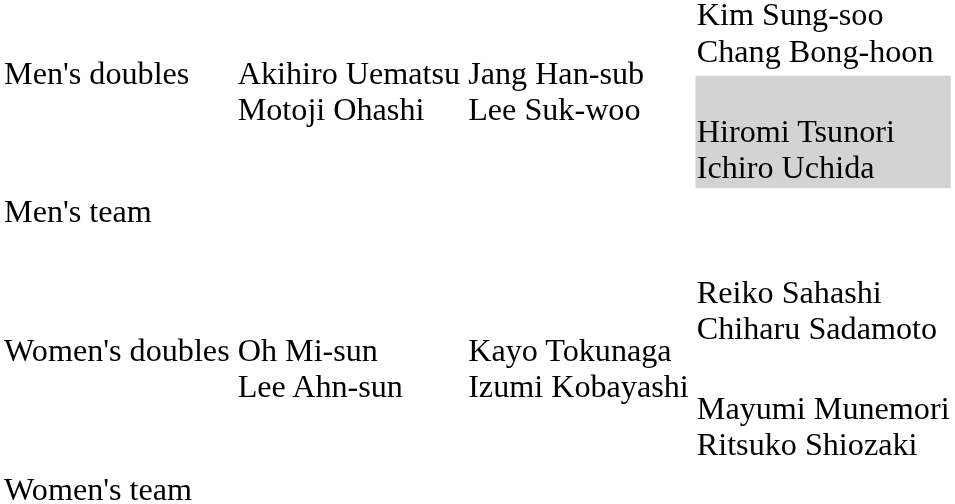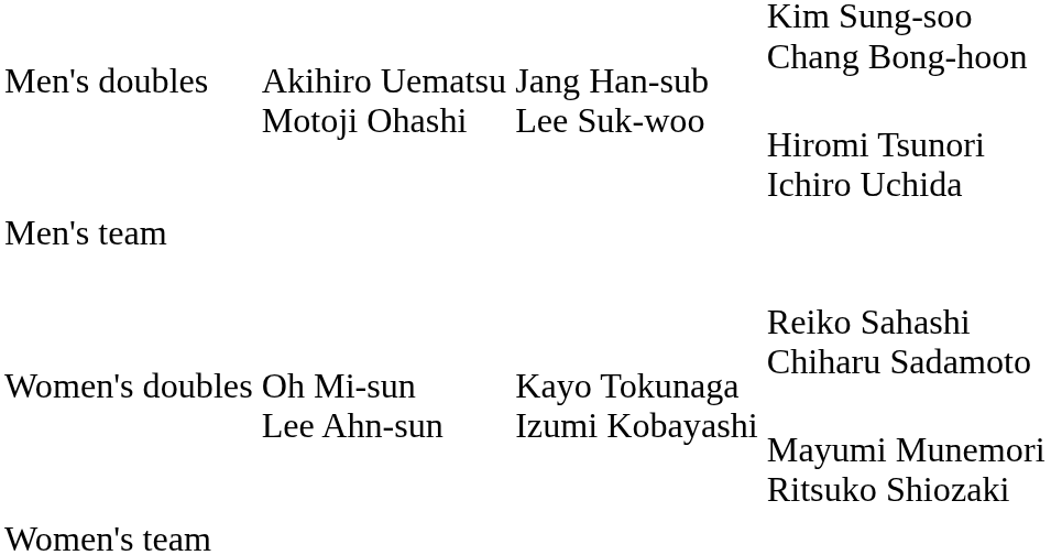 <table>
 <tr>
 <td rowspan=2>Men's doubles</td>
 <td rowspan=2><br>Akihiro Uematsu<br>Motoji Ohashi</td>
 <td rowspan=2><br>Jang Han-sub<br>Lee Suk-woo</td>
 <td><br>Kim Sung-soo<br>Chang Bong-hoon</td>
 </tr>
 <tr>
-<td style="background: lightgrey;"><br>Hiromi Tsunori<br>Ichiro Uchida</td>
+<td><br>Hiromi Tsunori<br>Ichiro Uchida</td>
 </tr>
 <tr>
 <td rowspan=2>Men's team</td>
 <td rowspan=2></td>
 <td rowspan=2></td>
 <td></td>
 </tr>
 <tr>
 <td></td>
 </tr>
 <tr>
 <td rowspan=2>Women's doubles</td>
 <td rowspan=2><br>Oh Mi-sun<br>Lee Ahn-sun</td>
 <td rowspan=2><br>Kayo Tokunaga<br>Izumi Kobayashi</td>
 <td><br>Reiko Sahashi<br>Chiharu Sadamoto</td>
 </tr>
 <tr>
 <td><br>Mayumi Munemori<br>Ritsuko Shiozaki</td>
 </tr>
 <tr>
 <td rowspan=2>Women's team</td>
 <td rowspan=2></td>
 <td rowspan=2></td>
 <td></td>
 </tr>
 <tr>
 <td></td>
 </tr>
 </table>
